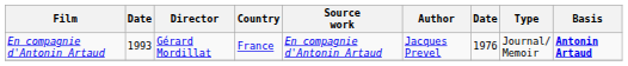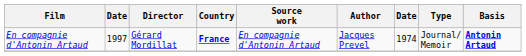 <table class="wikitable" style=width:90%>
 <tr bgcolor="#CCCCCC">
 <th>Film</th>
 <th>Date</th>
 <th>Director</th>
 <th>Country</th>
 <th>Source<br>work</th>
 <th>Author</th>
 <th>Date</th>
 <th>Type</th>
 <th>Basis</th>
 </tr>
 <tr>
 <td><em><a href='#'>En compagnie d'Antonin Artaud</a></em></td>
-<td>1993</td>
+<td>1997</td>
 <td><a href='#'>Gérard Mordillat</a></td>
-<td><a href='#'>France</a></td>
+<td><strong><a href='#'>France</a></strong></td>
 <td><em><a href='#'>En compagnie d'Antonin Artaud</a></em></td>
 <td><a href='#'>Jacques Prevel</a></td>
-<td>1976</td>
+<td>1974</td>
 <td>Journal/<br>Memoir</td>
 <td><strong><a href='#'>Antonin Artaud</a></strong></td>
 </tr>
 <tr>
 </tr>
 </table>
